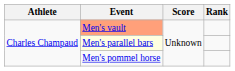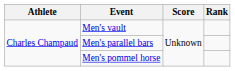 <table class="wikitable" style="font-size:90%">
 <tr>
 <th scope="col">Athlete</th>
 <th scope="col">Event</th>
 <th scope="col">Score</th>
 <th scope="col">Rank</th>
 </tr>
 <tr>
 <td ! scope="rowgroup" rowspan="3" align="left"><a href='#'>Charles Champaud</a></td>
-<td style="background: lightsalmon;"><a href='#'>Men's vault</a></td>
+<td><a href='#'>Men's vault</a></td>
 <td rowspan="3">Unknown</td>
 <td></td>
 </tr>
 <tr>
-<td style="background: lightyellow;"><a href='#'>Men's parallel bars</a></td>
+<td><a href='#'>Men's parallel bars</a></td>
 <td></td>
 </tr>
 <tr>
 <td><a href='#'>Men's pommel horse</a></td>
 <td></td>
 </tr>
 </table>
